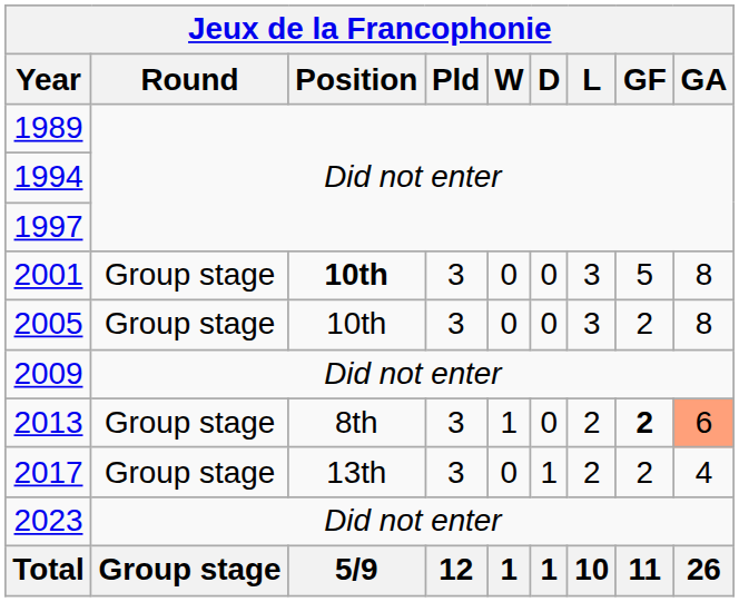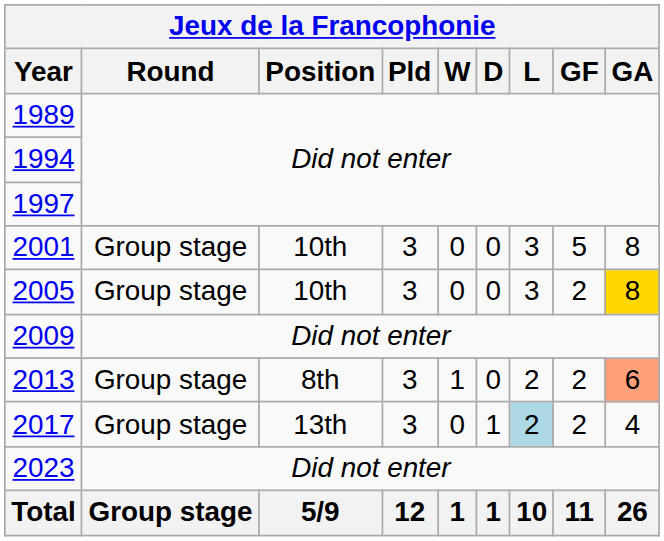 <table class="wikitable" style="text-align: center;">
 <tr>
 <th colspan=9><a href='#'>Jeux de la Francophonie</a></th>
 </tr>
 <tr>
 <th>Year</th>
 <th>Round</th>
 <th>Position</th>
 <th>Pld</th>
 <th>W</th>
 <th>D</th>
 <th>L</th>
 <th>GF</th>
 <th>GA</th>
 </tr>
 <tr>
 <td> <a href='#'>1989</a></td>
 <td rowspan=3 colspan=8><em>Did not enter</em></td>
 </tr>
 <tr>
 <td> <a href='#'>1994</a></td>
 </tr>
 <tr>
 <td> <a href='#'>1997</a></td>
 </tr>
 <tr>
 <td> <a href='#'>2001</a></td>
 <td>Group stage</td>
-<td><strong>10th</strong></td>
+<td>10th</td>
 <td>3</td>
 <td>0</td>
 <td>0</td>
 <td>3</td>
 <td>5</td>
 <td>8</td>
 </tr>
 <tr>
 <td> <a href='#'>2005</a></td>
 <td>Group stage</td>
 <td>10th</td>
 <td>3</td>
 <td>0</td>
 <td>0</td>
 <td>3</td>
 <td>2</td>
-<td>8</td>
+<td style="background: gold;">8</td>
 </tr>
 <tr>
 <td> <a href='#'>2009</a></td>
 <td rowspan=1 colspan=8><em>Did not enter</em></td>
 </tr>
 <tr>
 <td> <a href='#'>2013</a></td>
 <td>Group stage</td>
 <td>8th</td>
 <td>3</td>
 <td>1</td>
 <td>0</td>
 <td>2</td>
-<td><strong>2</strong></td>
+<td>2</td>
 <td style="background: lightsalmon;">6</td>
 </tr>
 <tr>
 <td> <a href='#'>2017</a></td>
 <td>Group stage</td>
 <td>13th</td>
 <td>3</td>
 <td>0</td>
 <td>1</td>
-<td>2</td>
+<td style="background: lightblue;">2</td>
 <td>2</td>
 <td>4</td>
 </tr>
 <tr>
 <td> <a href='#'>2023</a></td>
 <td colspan=8><em>Did not enter</em></td>
 </tr>
 <tr>
 <th><strong>Total</strong></th>
 <th>Group stage</th>
 <th>5/9</th>
 <th>12</th>
 <th>1</th>
 <th>1</th>
 <th>10</th>
 <th>11</th>
 <th>26</th>
 </tr>
 </table>
